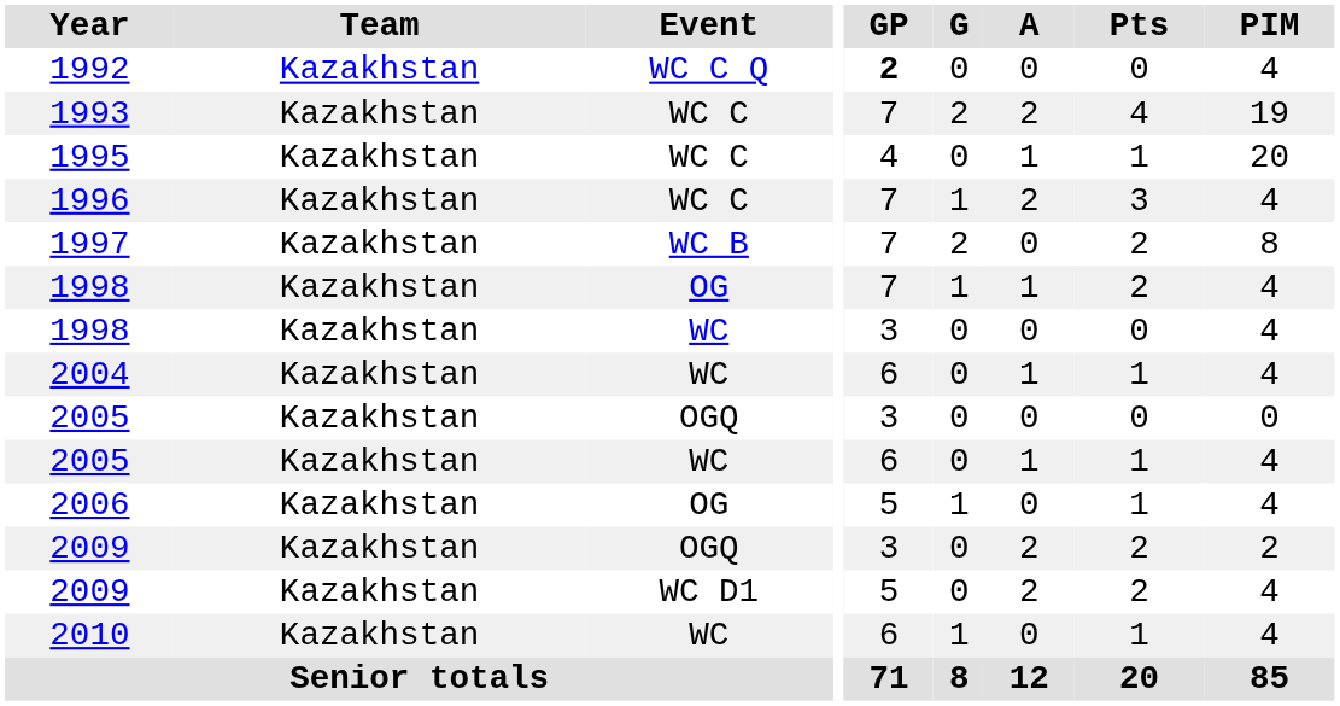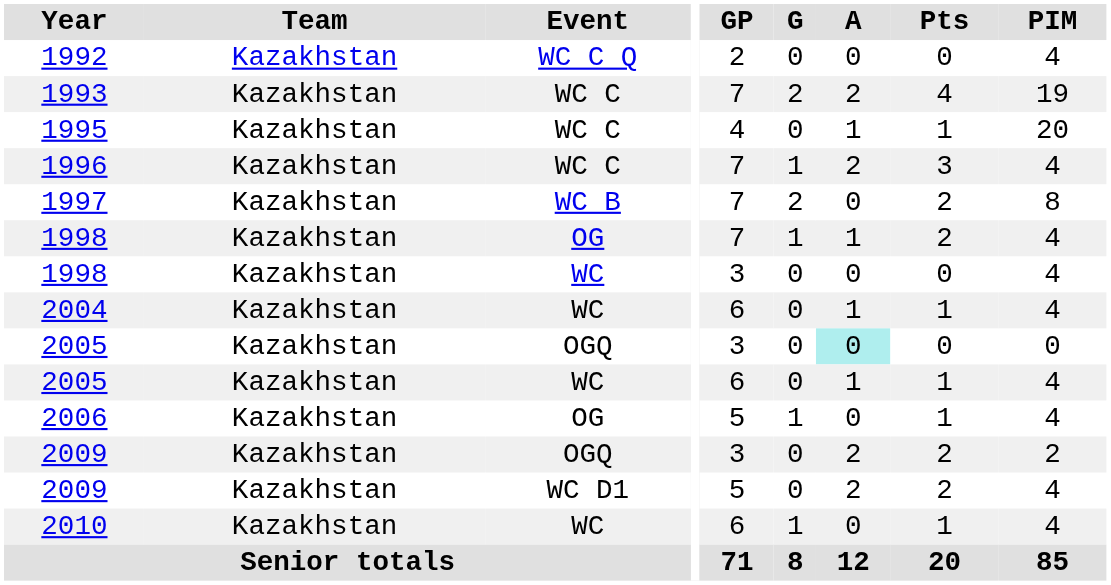 <table border="0" cellpadding="1" cellspacing="0" style="text-align:center; width:40em">
 <tr bgcolor="#e0e0e0">
 <th>Year</th>
 <th>Team</th>
 <th>Event</th>
 <th rowspan="99" bgcolor="#ffffff"></th>
 <th>GP</th>
 <th>G</th>
 <th>A</th>
 <th>Pts</th>
 <th>PIM</th>
 </tr>
 <tr>
 <td><a href='#'>1992</a></td>
 <td><a href='#'>Kazakhstan</a></td>
 <td><a href='#'>WC C Q</a></td>
-<td><strong>2</strong></td>
+<td>2</td>
 <td>0</td>
 <td>0</td>
 <td>0</td>
 <td>4</td>
 </tr>
 <tr bgcolor="#f0f0f0">
 <td><a href='#'>1993</a></td>
 <td>Kazakhstan</td>
 <td>WC C</td>
 <td>7</td>
 <td>2</td>
 <td>2</td>
 <td>4</td>
 <td>19</td>
 </tr>
 <tr>
 <td><a href='#'>1995</a></td>
 <td>Kazakhstan</td>
 <td>WC C</td>
 <td>4</td>
 <td>0</td>
 <td>1</td>
 <td>1</td>
 <td>20</td>
 </tr>
 <tr bgcolor="#f0f0f0">
 <td><a href='#'>1996</a></td>
 <td>Kazakhstan</td>
 <td>WC C</td>
 <td>7</td>
 <td>1</td>
 <td>2</td>
 <td>3</td>
 <td>4</td>
 </tr>
 <tr>
 <td><a href='#'>1997</a></td>
 <td>Kazakhstan</td>
 <td><a href='#'>WC B</a></td>
 <td>7</td>
 <td>2</td>
 <td>0</td>
 <td>2</td>
 <td>8</td>
 </tr>
 <tr bgcolor="#f0f0f0">
 <td><a href='#'>1998</a></td>
 <td>Kazakhstan</td>
 <td><a href='#'>OG</a></td>
 <td>7</td>
 <td>1</td>
 <td>1</td>
 <td>2</td>
 <td>4</td>
 </tr>
 <tr>
 <td><a href='#'>1998</a></td>
 <td>Kazakhstan</td>
 <td><a href='#'>WC</a></td>
 <td>3</td>
 <td>0</td>
 <td>0</td>
 <td>0</td>
 <td>4</td>
 </tr>
 <tr bgcolor="#f0f0f0">
 <td><a href='#'>2004</a></td>
 <td>Kazakhstan</td>
 <td>WC</td>
 <td>6</td>
 <td>0</td>
 <td>1</td>
 <td>1</td>
 <td>4</td>
 </tr>
 <tr>
 <td><a href='#'>2005</a></td>
 <td>Kazakhstan</td>
 <td>OGQ</td>
 <td>3</td>
 <td>0</td>
-<td>0</td>
+<td style="background: paleturquoise;">0</td>
 <td>0</td>
 <td>0</td>
 </tr>
 <tr bgcolor="#f0f0f0">
 <td><a href='#'>2005</a></td>
 <td>Kazakhstan</td>
 <td>WC</td>
 <td>6</td>
 <td>0</td>
 <td>1</td>
 <td>1</td>
 <td>4</td>
 </tr>
 <tr>
 <td><a href='#'>2006</a></td>
 <td>Kazakhstan</td>
 <td>OG</td>
 <td>5</td>
 <td>1</td>
 <td>0</td>
 <td>1</td>
 <td>4</td>
 </tr>
 <tr bgcolor="#f0f0f0">
 <td><a href='#'>2009</a></td>
 <td>Kazakhstan</td>
 <td>OGQ</td>
 <td>3</td>
 <td>0</td>
 <td>2</td>
 <td>2</td>
 <td>2</td>
 </tr>
 <tr>
 <td><a href='#'>2009</a></td>
 <td>Kazakhstan</td>
 <td>WC D1</td>
 <td>5</td>
 <td>0</td>
 <td>2</td>
 <td>2</td>
 <td>4</td>
 </tr>
 <tr bgcolor="#f0f0f0">
 <td><a href='#'>2010</a></td>
 <td>Kazakhstan</td>
 <td>WC</td>
 <td>6</td>
 <td>1</td>
 <td>0</td>
 <td>1</td>
 <td>4</td>
 </tr>
 <tr bgcolor="#e0e0e0">
 <th colspan="3">Senior totals</th>
 <th>71</th>
 <th>8</th>
 <th>12</th>
 <th>20</th>
 <th>85</th>
 </tr>
 </table>
